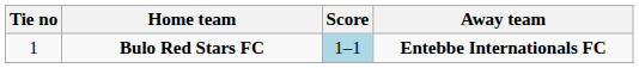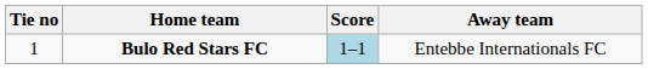 <table class="wikitable" style="text-align:center; float:left; margin-right:1em;">
 <tr>
 <th>Tie no</th>
 <th style="width:14em">Home team</th>
 <th>Score</th>
 <th style="width:14em">Away team</th>
 </tr>
 <tr>
 <td>1</td>
 <td><strong>Bulo Red Stars FC</strong></td>
 <td style="background: lightblue;">1–1<br></td>
-<td><strong>Entebbe Internationals FC</strong></td>
+<td>Entebbe Internationals FC</td>
 </tr>
 <tr>
 </tr>
 </table>
